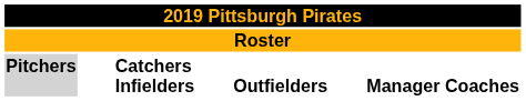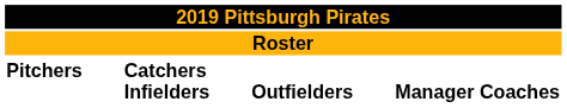 <table class="toccolours" style="font-size: 95%;">
 <tr>
 <th colspan="10" style="background:#000000; color:#FFB40B; text-align:center;"><strong>2019 Pittsburgh Pirates</strong></th>
 </tr>
 <tr>
 <td colspan="10" style="background:#FFB40B; color:#000000; text-align:center;"><strong>Roster</strong></td>
 </tr>
 <tr>
-<td valign="top" style="background: lightgrey;"><strong>Pitchers</strong><br>                              </td>
+<td valign="top"><strong>Pitchers</strong><br>                              </td>
 <td style="width:25px;"></td>
 <td valign="top"><strong>Catchers</strong><br>    <strong>Infielders</strong>        </td>
 <td style="width:25px;"></td>
 <td valign="top"><br><strong>Outfielders</strong>           </td>
 <td style="width:25px;"></td>
 <td valign="top"><br><strong>Manager</strong>  <strong>Coaches</strong>                        </td>
 </tr>
 </table>
